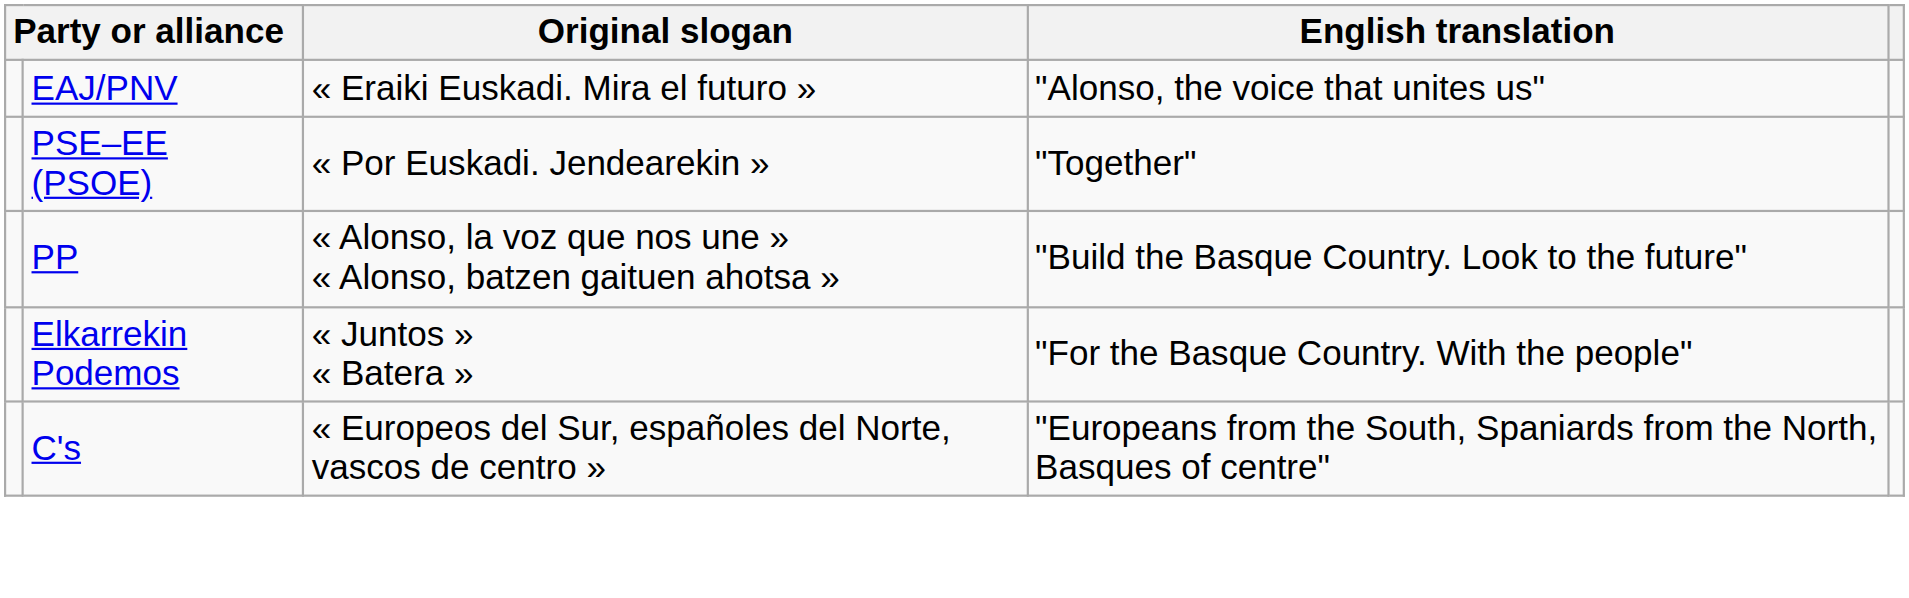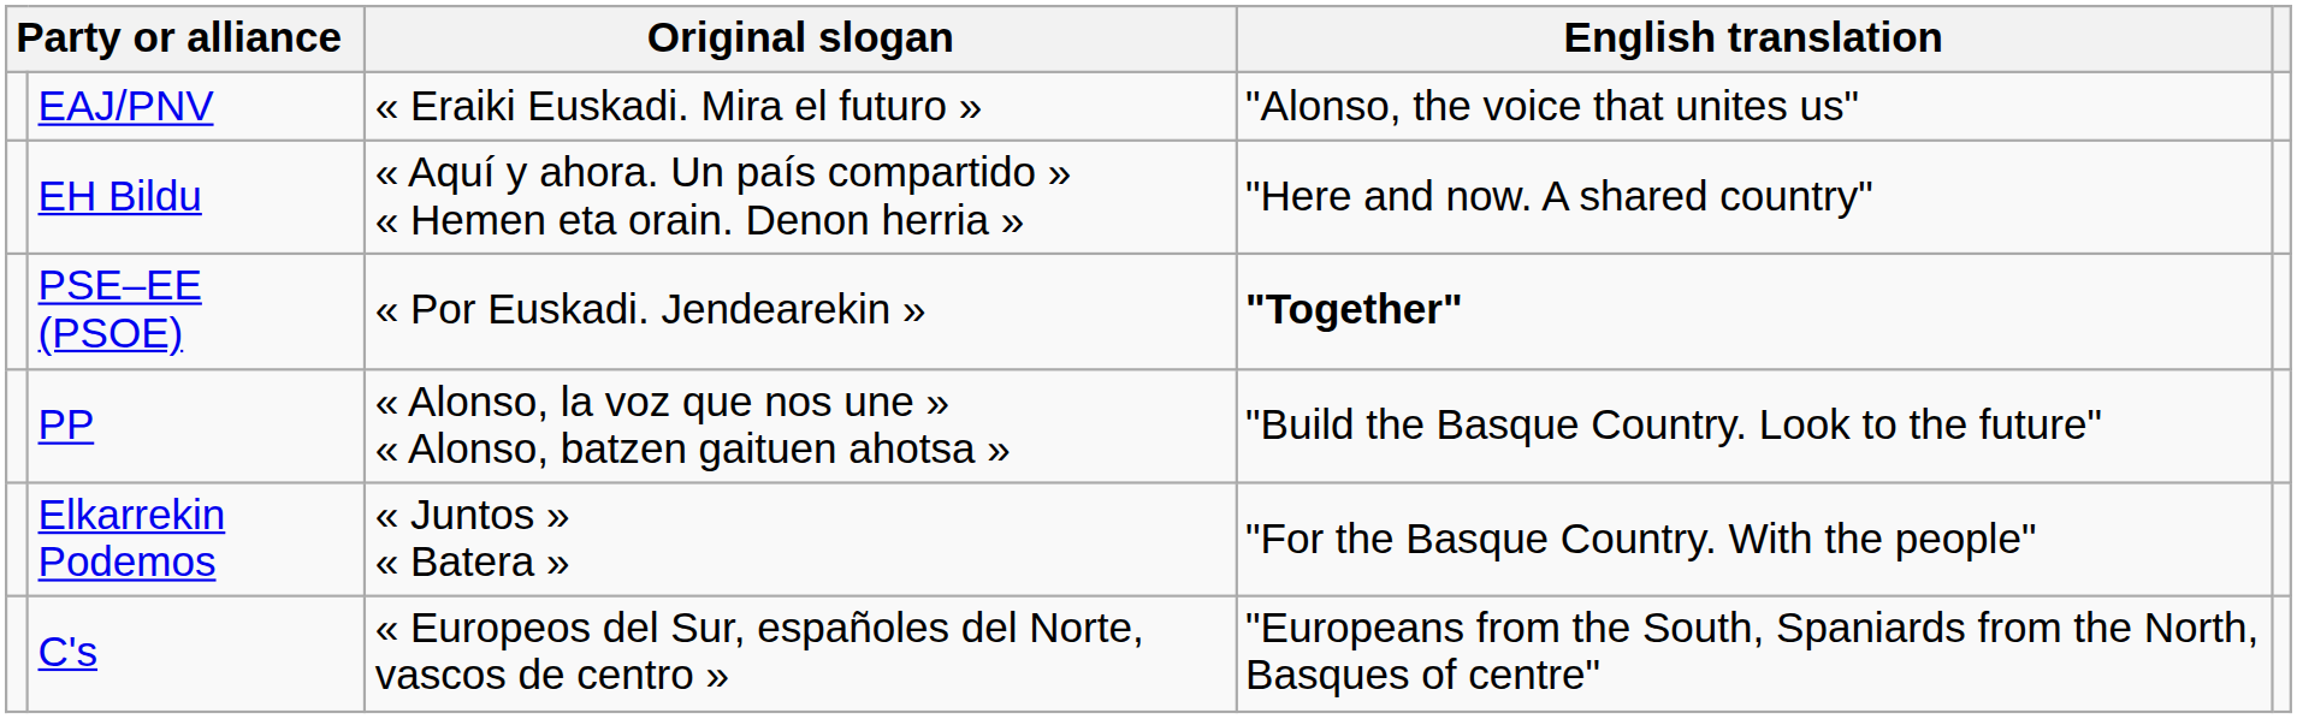 <table class="wikitable" style="text-align:left;">
 <tr>
 <th style="text-align:left;" colspan="2">Party or alliance</th>
 <th>Original slogan</th>
 <th>English translation</th>
 <th></th>
 </tr>
 <tr>
 <td width="1" style="color:inherit;background:"></td>
 <td><a href='#'>EAJ/PNV</a></td>
 <td>« Eraiki Euskadi. Mira el futuro »</td>
 <td>"Alonso, the voice that unites us"</td>
 <td></td>
 </tr>
 <tr>
 <td style="color:inherit;background:"></td>
+<td><a href='#'>EH Bildu</a></td>
+<td>« Aquí y ahora. Un país compartido »<br>« Hemen eta orain. Denon herria »</td>
+<td>"Here and now. A shared country"</td>
+<td></td>
+</tr>
+<tr>
+<td style="color:inherit;background:"></td>
 <td><a href='#'>PSE–EE (PSOE)</a></td>
 <td>« Por Euskadi. Jendearekin »</td>
-<td>"Together"</td>
+<td><strong>"Together"</strong></td>
 <td></td>
 </tr>
 <tr>
 <td style="color:inherit;background:"></td>
 <td><a href='#'>PP</a></td>
 <td>« Alonso, la voz que nos une »<br>« Alonso, batzen gaituen ahotsa »</td>
 <td>"Build the Basque Country. Look to the future"</td>
 <td></td>
 </tr>
 <tr>
 <td style="color:inherit;background:"></td>
 <td><a href='#'>Elkarrekin Podemos</a></td>
 <td>« Juntos »<br>« Batera »</td>
 <td>"For the Basque Country. With the people"</td>
 <td></td>
 </tr>
 <tr>
 <td style="color:inherit;background:"></td>
 <td><a href='#'>C's</a></td>
 <td>« Europeos del Sur, españoles del Norte, vascos de centro »</td>
 <td>"Europeans from the South, Spaniards from the North, Basques of centre"</td>
 <td></td>
 </tr>
 </table>
